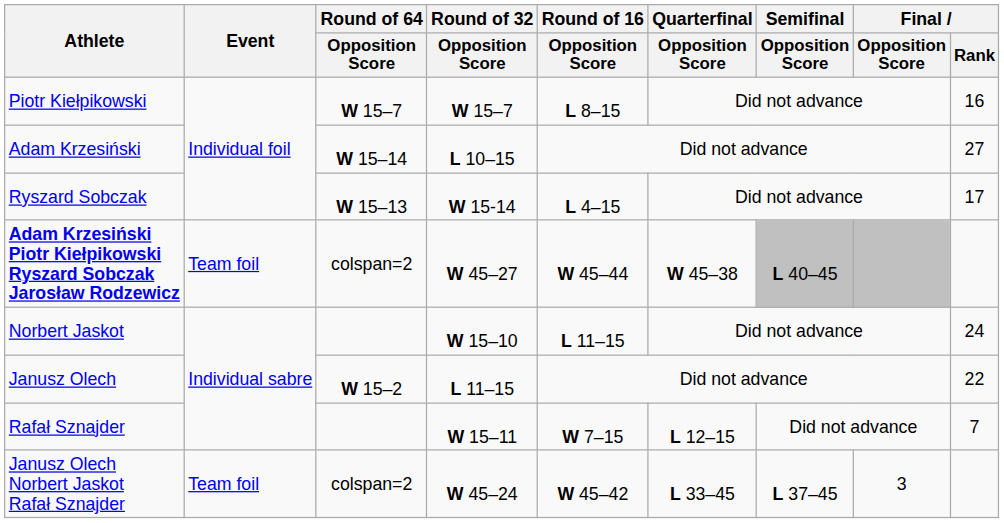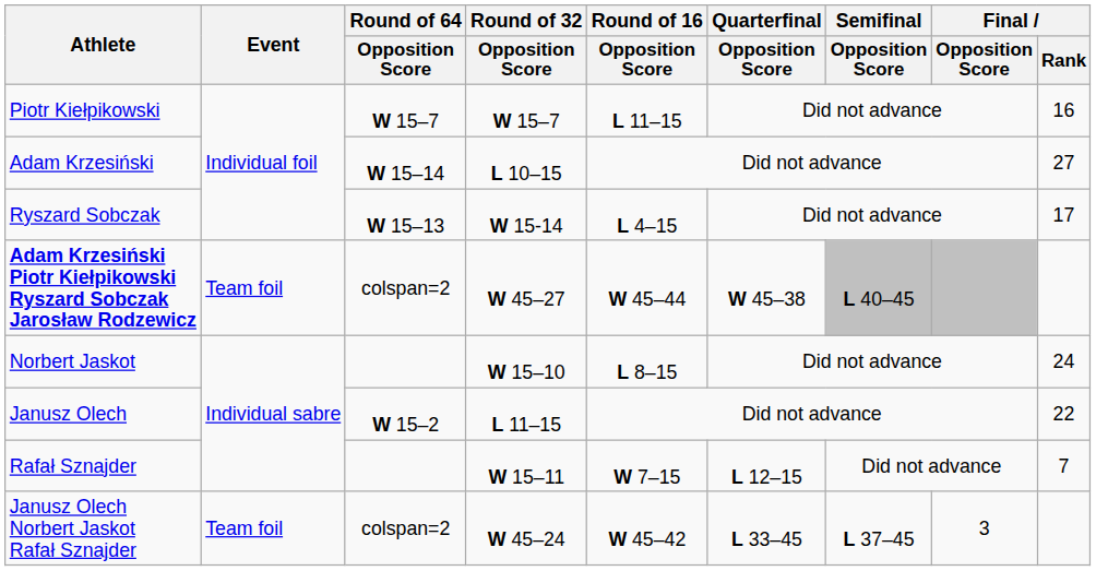 <table class="wikitable" style="font-size:90%">
 <tr>
 <th rowspan="2">Athlete</th>
 <th rowspan="2">Event</th>
 <th>Round of 64</th>
 <th>Round of 32</th>
 <th>Round of 16</th>
 <th>Quarterfinal</th>
 <th>Semifinal</th>
 <th colspan=2>Final / </th>
 </tr>
 <tr style="font-size:95%">
 <th>Opposition <br> Score</th>
 <th>Opposition <br> Score</th>
 <th>Opposition <br> Score</th>
 <th>Opposition <br> Score</th>
 <th>Opposition <br> Score</th>
 <th>Opposition <br> Score</th>
 <th>Rank</th>
 </tr>
 <tr align=center>
 <td align=left><a href='#'>Piotr Kiełpikowski</a></td>
 <td align=left rowspan=3><a href='#'>Individual foil</a></td>
 <td><br><strong>W</strong> 15–7</td>
 <td><br><strong>W</strong> 15–7</td>
-<td><br><strong>L</strong> 8–15</td>
+<td><br><strong>L</strong> 11–15</td>
 <td colspan=3>Did not advance</td>
 <td>16</td>
 </tr>
 <tr align=center>
 <td align=left><a href='#'>Adam Krzesiński</a></td>
 <td><br><strong>W</strong> 15–14</td>
 <td><br><strong>L</strong> 10–15</td>
 <td colspan=4>Did not advance</td>
 <td>27</td>
 </tr>
 <tr align=center>
 <td align=left><a href='#'>Ryszard Sobczak</a></td>
 <td><br><strong>W</strong> 15–13</td>
 <td><br><strong>W</strong> 15-14</td>
 <td><br><strong>L</strong> 4–15</td>
 <td colspan=3>Did not advance</td>
 <td>17</td>
 </tr>
 <tr align=center>
 <td align=left><strong><a href='#'>Adam Krzesiński</a><br><a href='#'>Piotr Kiełpikowski</a><br><a href='#'>Ryszard Sobczak</a><br><a href='#'>Jarosław Rodzewicz</a></strong></td>
 <td align=left><a href='#'>Team foil</a></td>
 <td>colspan=2 </td>
 <td><br><strong>W</strong> 45–27</td>
 <td><br><strong>W</strong> 45–44</td>
 <td><br><strong>W</strong> 45–38</td>
 <td align="center" bgcolor='silver'><br><strong>L</strong> 40–45</td>
 <td align="center" bgcolor='silver'></td>
 </tr>
 <tr align=center>
 <td align=left><a href='#'>Norbert Jaskot</a></td>
 <td align=left rowspan=3><a href='#'>Individual sabre</a></td>
 <td></td>
 <td><br><strong>W</strong> 15–10</td>
-<td><br><strong>L</strong> 11–15</td>
+<td><br><strong>L</strong> 8–15</td>
 <td colspan=3>Did not advance</td>
 <td>24</td>
 </tr>
 <tr align=center>
 <td align=left><a href='#'>Janusz Olech</a></td>
 <td><br><strong>W</strong> 15–2</td>
 <td><br><strong>L</strong> 11–15</td>
 <td colspan=4>Did not advance</td>
 <td>22</td>
 </tr>
 <tr align=center>
 <td align=left><a href='#'>Rafał Sznajder</a></td>
 <td></td>
 <td><br><strong>W</strong> 15–11</td>
 <td><br><strong>W</strong> 7–15</td>
 <td><br><strong>L</strong> 12–15</td>
 <td colspan=2>Did not advance</td>
 <td>7</td>
 </tr>
 <tr align=center>
 <td align=left><a href='#'>Janusz Olech</a><br><a href='#'>Norbert Jaskot</a><br><a href='#'>Rafał Sznajder</a></td>
 <td align=left><a href='#'>Team foil</a></td>
 <td>colspan=2 </td>
 <td><br><strong>W</strong> 45–24</td>
 <td><br><strong>W</strong> 45–42</td>
 <td><br><strong>L</strong> 33–45</td>
 <td><br><strong>L</strong> 37–45</td>
 <td>3</td>
 </tr>
 </table>
